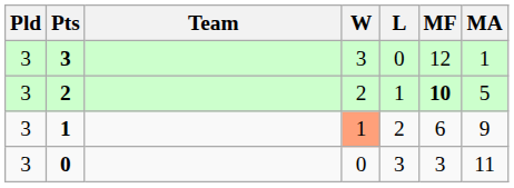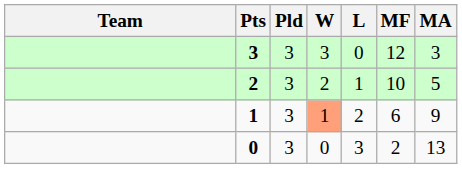 <table class=wikitable style="text-align:center; font-size:95%">
 <tr>
+<th width=175>Team</th>
+<th width=20>Pts</th>
 <th width=20>Pld</th>
-<th width=20>Pts</th>
-<th width=175>Team</th>
 <th width=20>W</th>
 <th width=20>L</th>
 <th width=20>MF</th>
 <th width=20>MA</th>
 </tr>
 <tr bgcolor=ccffcc>
+<td style="text-align:left"></td>
+<td><strong>3</strong></td>
 <td>3</td>
-<td><strong>3</strong></td>
-<td style="text-align:left"></td>
 <td>3</td>
 <td>0</td>
 <td>12</td>
-<td>1</td>
+<td>3</td>
 </tr>
 <tr bgcolor=ccffcc>
+<td style="text-align:left"></td>
+<td><strong>2</strong></td>
 <td>3</td>
-<td><strong>2</strong></td>
-<td style="text-align:left"></td>
 <td>2</td>
 <td>1</td>
-<td><strong>10</strong></td>
+<td>10</td>
 <td>5</td>
 </tr>
 <tr>
+<td style="text-align:left"></td>
+<td><strong>1</strong></td>
 <td>3</td>
-<td><strong>1</strong></td>
-<td style="text-align:left"></td>
 <td style="background: lightsalmon;">1</td>
 <td>2</td>
 <td>6</td>
 <td>9</td>
 </tr>
 <tr>
+<td style="text-align:left"></td>
+<td><strong>0</strong></td>
 <td>3</td>
-<td><strong>0</strong></td>
-<td style="text-align:left"></td>
 <td>0</td>
 <td>3</td>
-<td>3</td>
-<td>11</td>
+<td>2</td>
+<td>13</td>
 </tr>
 </table>
